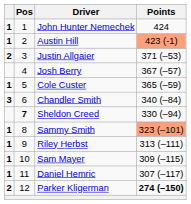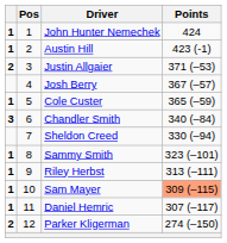 <table class="wikitable" style="font-size: 95%;">
 <tr>
 <th></th>
 <th>Pos</th>
 <th>Driver</th>
 <th>Points</th>
 </tr>
 <tr>
 <td align="left"> <strong>1</strong></td>
 <td style="text-align:center;">1</td>
 <td><a href='#'>John Hunter Nemechek</a></td>
 <td style="text-align:center;">424</td>
 </tr>
 <tr>
 <td align="left"> <strong>1</strong></td>
 <td style="text-align:center;">2</td>
 <td><a href='#'>Austin Hill</a></td>
-<td style="background: lightsalmon; text-align:center;">423 (-1)</td>
+<td style="text-align:center;">423 (-1)</td>
 </tr>
 <tr>
 <td align="left"> <strong>2</strong></td>
 <td style="text-align:center;">3</td>
 <td><a href='#'>Justin Allgaier</a></td>
 <td style="text-align:center;">371 (–53)</td>
 </tr>
 <tr>
 <td align="left"></td>
 <td style="text-align:center;">4</td>
 <td><a href='#'>Josh Berry</a></td>
 <td style="text-align:center;">367 (–57)</td>
 </tr>
 <tr>
 <td align="left"> <strong>1</strong></td>
 <td style="text-align:center;">5</td>
 <td><a href='#'>Cole Custer</a></td>
 <td style="text-align:center;">365 (–59)</td>
 </tr>
 <tr>
 <td align="left"> <strong>3</strong></td>
 <td style="text-align:center;">6</td>
 <td><a href='#'>Chandler Smith</a></td>
 <td style="text-align:center;">340 (–84)</td>
 </tr>
 <tr>
 <td align="left"></td>
-<td style="text-align:center;"><strong>7</strong></td>
+<td style="text-align:center;">7</td>
 <td><a href='#'>Sheldon Creed</a></td>
 <td style="text-align:center;">330 (–94)</td>
 </tr>
 <tr>
 <td align="left"> <strong>1</strong></td>
 <td style="text-align:center;">8</td>
 <td><a href='#'>Sammy Smith</a></td>
-<td style="background: lightsalmon; text-align:center;">323 (–101)</td>
+<td style="text-align:center;">323 (–101)</td>
 </tr>
 <tr>
 <td align="left"> <strong>1</strong></td>
 <td style="text-align:center;">9</td>
 <td><a href='#'>Riley Herbst</a></td>
 <td style="text-align:center;">313 (–111)</td>
 </tr>
 <tr>
 <td align="left"> <strong>1</strong></td>
 <td style="text-align:center;">10</td>
 <td><a href='#'>Sam Mayer</a></td>
-<td style="text-align:center;">309 (–115)</td>
+<td style="background: lightsalmon; text-align:center;">309 (–115)</td>
 </tr>
 <tr>
 <td align="left"> <strong>1</strong></td>
 <td style="text-align:center;">11</td>
 <td><a href='#'>Daniel Hemric</a></td>
 <td style="text-align:center;">307 (–117)</td>
 </tr>
 <tr>
 <td align="left"> <strong>2</strong></td>
 <td style="text-align:center;">12</td>
 <td><a href='#'>Parker Kligerman</a></td>
-<td style="text-align:center;"><strong>274 (–150)</strong></td>
+<td style="text-align:center;">274 (–150)</td>
 </tr>
 <tr class="sortbottom">
 <th colspan="9"></th>
 </tr>
 </table>
